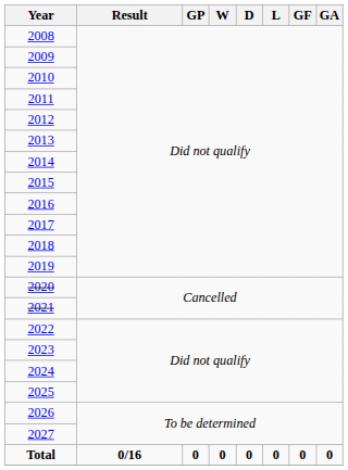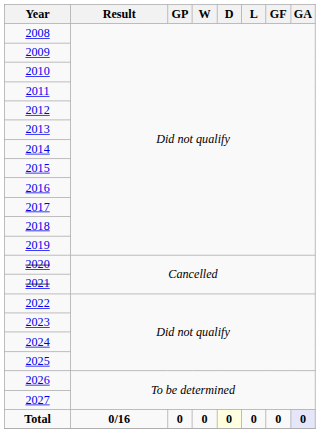 <table class="wikitable" style="text-align: center;">
 <tr>
 <th width=80>Year</th>
 <th width=120>Result</th>
 <th width=25>GP</th>
 <th width=25>W</th>
 <th width=25>D</th>
 <th width=25>L</th>
 <th width=25>GF</th>
 <th width=25>GA</th>
 </tr>
 <tr>
 <td> <a href='#'>2008</a></td>
 <td colspan=8 rowspan=12><em>Did not qualify</em></td>
 </tr>
 <tr>
 <td> <a href='#'>2009</a></td>
 </tr>
 <tr>
 <td> <a href='#'>2010</a></td>
 </tr>
 <tr>
 <td> <a href='#'>2011</a></td>
 </tr>
 <tr>
 <td> <a href='#'>2012</a></td>
 </tr>
 <tr>
 <td> <a href='#'>2013</a></td>
 </tr>
 <tr>
 <td> <a href='#'>2014</a></td>
 </tr>
 <tr>
 <td> <a href='#'>2015</a></td>
 </tr>
 <tr>
 <td> <a href='#'>2016</a></td>
 </tr>
 <tr>
 <td> <a href='#'>2017</a></td>
 </tr>
 <tr>
 <td> <a href='#'>2018</a></td>
 </tr>
 <tr>
 <td> <a href='#'>2019</a></td>
 </tr>
 <tr>
 <td> <s><a href='#'>2020</a></s></td>
 <td colspan=8 rowspan=2><em>Cancelled</em></td>
 </tr>
 <tr>
 <td> <s><a href='#'>2021</a></s></td>
 </tr>
 <tr>
 <td> <a href='#'>2022</a></td>
 <td colspan=8 rowspan=4><em>Did not qualify</em></td>
 </tr>
 <tr>
 <td> <a href='#'>2023</a></td>
 </tr>
 <tr>
 <td> <a href='#'>2024</a></td>
 </tr>
 <tr>
 <td> <a href='#'>2025</a></td>
 </tr>
 <tr>
 <td> <a href='#'>2026</a></td>
 <td colspan=8 rowspan=2><em>To be determined</em></td>
 </tr>
 <tr>
 <td> <a href='#'>2027</a></td>
 </tr>
 <tr>
 <td><strong>Total</strong></td>
 <td><strong>0/16</strong></td>
 <td><strong>0</strong></td>
 <td><strong>0</strong></td>
+<td style="background: lightyellow;"><strong>0</strong></td>
 <td><strong>0</strong></td>
 <td><strong>0</strong></td>
-<td><strong>0</strong></td>
-<td><strong>0</strong></td>
+<td style="background: lavender;"><strong>0</strong></td>
 </tr>
 <tr>
 </tr>
 </table>
